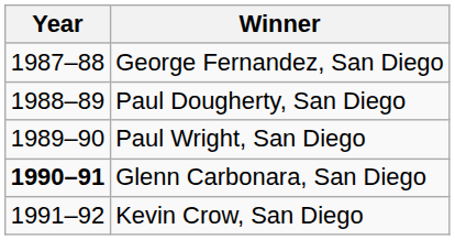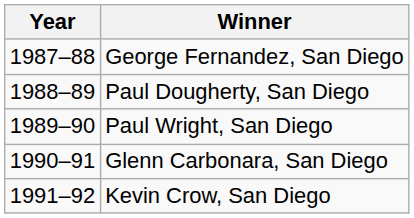 <table class="wikitable">
 <tr>
 <th>Year</th>
 <th>Winner</th>
 </tr>
 <tr>
 <td>1987–88</td>
 <td>George Fernandez, San Diego</td>
 </tr>
 <tr>
 <td>1988–89</td>
 <td>Paul Dougherty, San Diego</td>
 </tr>
 <tr>
 <td>1989–90</td>
 <td>Paul Wright, San Diego</td>
 </tr>
 <tr>
-<td><strong>1990–91</strong></td>
+<td>1990–91</td>
 <td>Glenn Carbonara, San Diego</td>
 </tr>
 <tr>
 <td>1991–92</td>
 <td>Kevin Crow, San Diego</td>
 </tr>
 </table>
